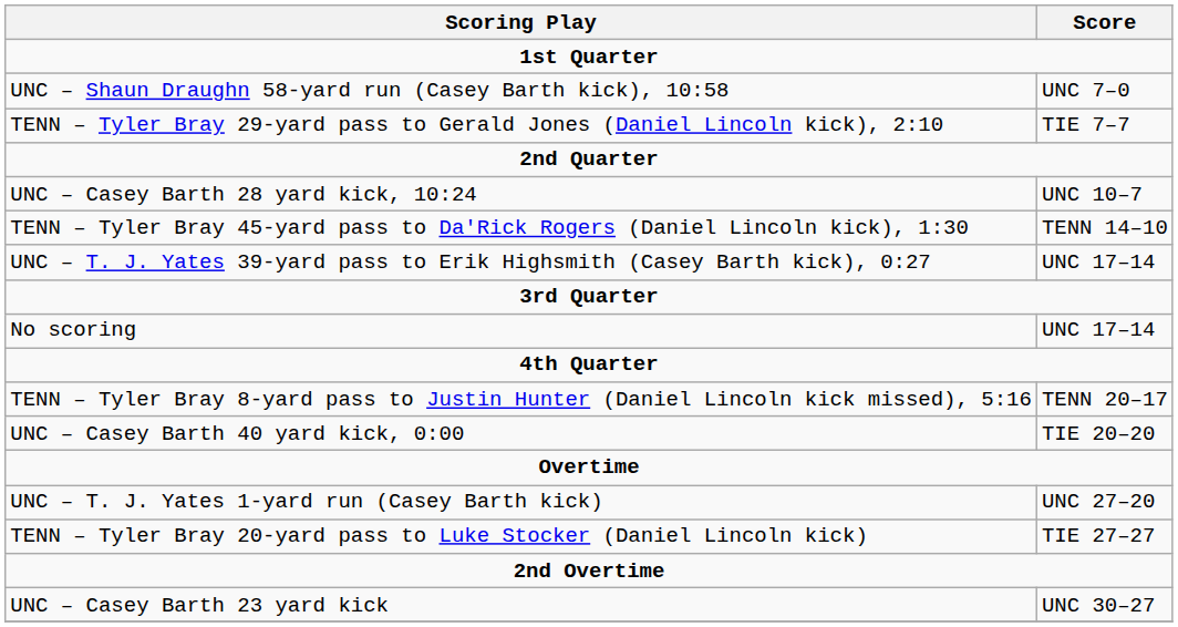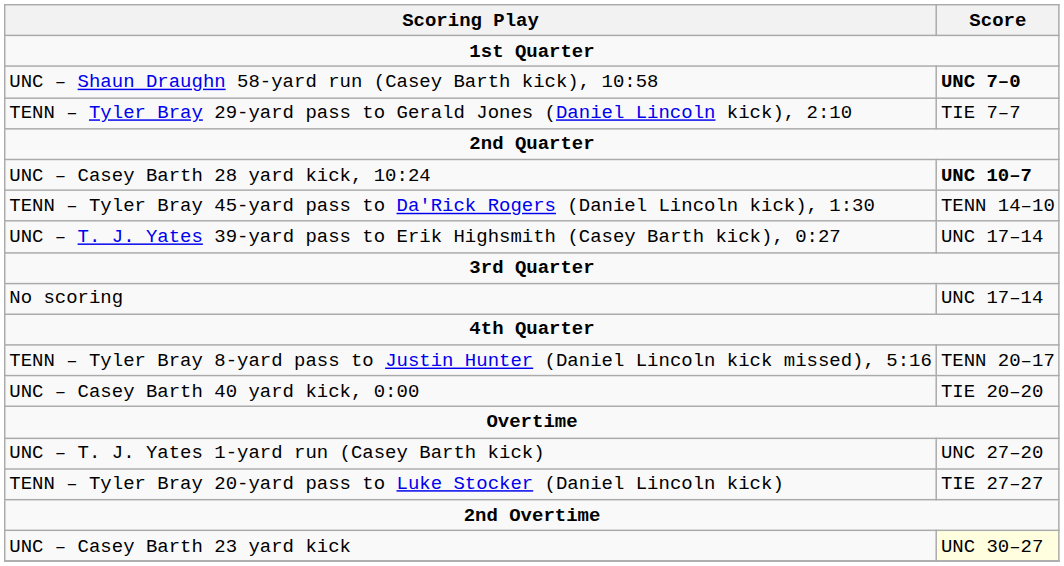 <table class="wikitable">
 <tr>
 <th>Scoring Play</th>
 <th>Score</th>
 </tr>
 <tr>
 <td colspan="4" align="center"><strong>1st Quarter</strong></td>
 </tr>
 <tr>
 <td>UNC – <a href='#'>Shaun Draughn</a> 58-yard run (Casey Barth kick), 10:58</td>
-<td>UNC 7–0</td>
+<td><strong>UNC 7–0</strong></td>
 </tr>
 <tr>
 <td>TENN – <a href='#'>Tyler Bray</a> 29-yard pass to Gerald Jones (<a href='#'>Daniel Lincoln</a> kick), 2:10</td>
 <td>TIE 7–7</td>
 </tr>
 <tr>
 <td colspan="4" align="center"><strong>2nd Quarter</strong></td>
 </tr>
 <tr>
 <td>UNC – Casey Barth 28 yard  kick, 10:24</td>
-<td>UNC 10–7</td>
+<td><strong>UNC 10–7</strong></td>
 </tr>
 <tr>
 <td>TENN – Tyler Bray 45-yard pass to <a href='#'>Da'Rick Rogers</a> (Daniel Lincoln  kick), 1:30</td>
 <td>TENN 14–10</td>
 </tr>
 <tr>
 <td>UNC – <a href='#'>T. J. Yates</a> 39-yard pass to Erik Highsmith (Casey Barth kick), 0:27</td>
 <td>UNC 17–14</td>
 </tr>
 <tr>
 <td colspan="4" align="center"><strong>3rd Quarter</strong></td>
 </tr>
 <tr>
 <td>No scoring</td>
 <td>UNC 17–14</td>
 </tr>
 <tr>
 <td colspan="4" align="center"><strong>4th Quarter</strong></td>
 </tr>
 <tr>
 <td>TENN – Tyler Bray 8-yard pass to  <a href='#'>Justin Hunter</a> (Daniel Lincoln kick missed), 5:16</td>
 <td>TENN 20–17</td>
 </tr>
 <tr>
 <td>UNC – Casey Barth 40 yard kick, 0:00</td>
 <td>TIE 20–20</td>
 </tr>
 <tr>
 <td colspan="4" align="center"><strong>Overtime</strong></td>
 </tr>
 <tr>
 <td>UNC – T. J. Yates 1-yard run (Casey Barth kick)</td>
 <td>UNC 27–20</td>
 </tr>
 <tr>
 <td>TENN – Tyler Bray 20-yard pass to <a href='#'>Luke Stocker</a> (Daniel Lincoln kick)</td>
 <td>TIE 27–27</td>
 </tr>
 <tr>
 <td colspan="4" align="center"><strong>2nd Overtime</strong></td>
 </tr>
 <tr>
 <td>UNC – Casey Barth 23 yard kick</td>
-<td>UNC 30–27</td>
+<td style="background: lightyellow;">UNC 30–27</td>
 </tr>
 <tr>
 </tr>
 </table>
